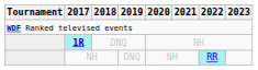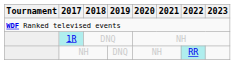 <table class="wikitable" style="width:20%; margin:0">
 <tr>
 <th>Tournament</th>
 <th>2017</th>
 <th>2018</th>
 <th>2019</th>
 <th>2020</th>
 <th>2021</th>
 <th>2022</th>
 <th>2023</th>
 </tr>
 <tr>
 <td colspan="8" style="text-align:left"><small><strong><a href='#'>WDF</a> </strong>Ranked televised events</small></td>
 </tr>
 <tr>
 <td style="background:#efefef;"></td>
-<td style="text-align:center; background:#afeeee;"><strong><a href='#'>1R</a></strong></td>
+<td style="text-align:center; background:#afeeee;"><a href='#'>1R</a></td>
 <td colspan="2" style="text-align:center; color:#ccc;">DNQ</td>
 <td colspan="4" style="text-align:center; color:#ccc;">NH</td>
 </tr>
 <tr>
 <td style="background:#efefef;"></td>
 <td colspan="2" style="text-align:center; color:#ccc;">NH</td>
 <td style="text-align:center; color:#ccc;">DNQ</td>
 <td colspan="2" style="text-align:center; color:#ccc;">NH</td>
 <td style="text-align:center; background:#afeeee;"><a href='#'>RR</a></td>
 <td></td>
 </tr>
 </table>
